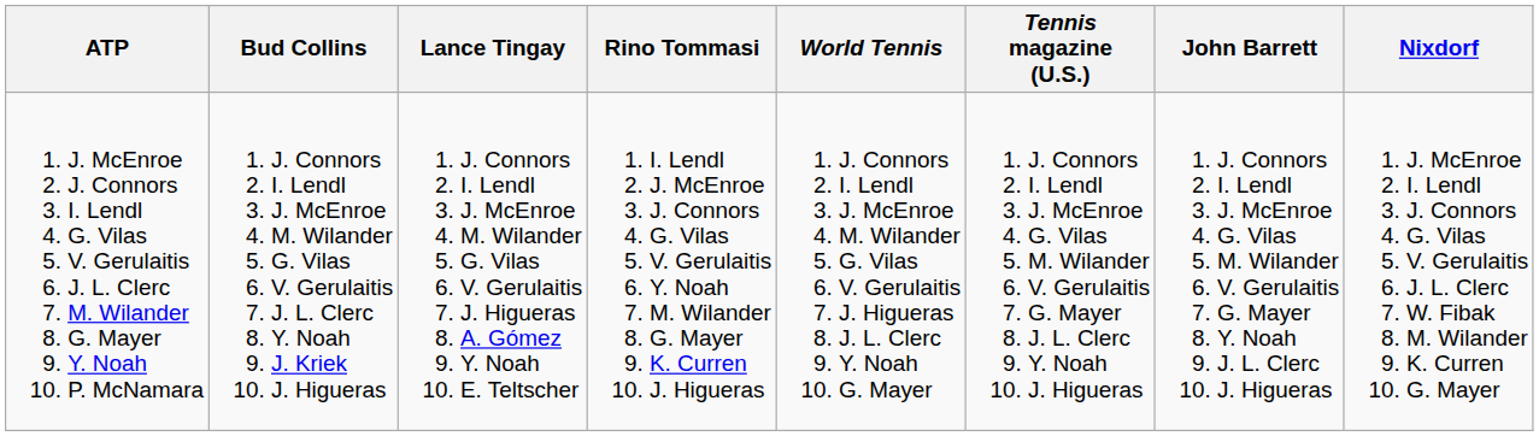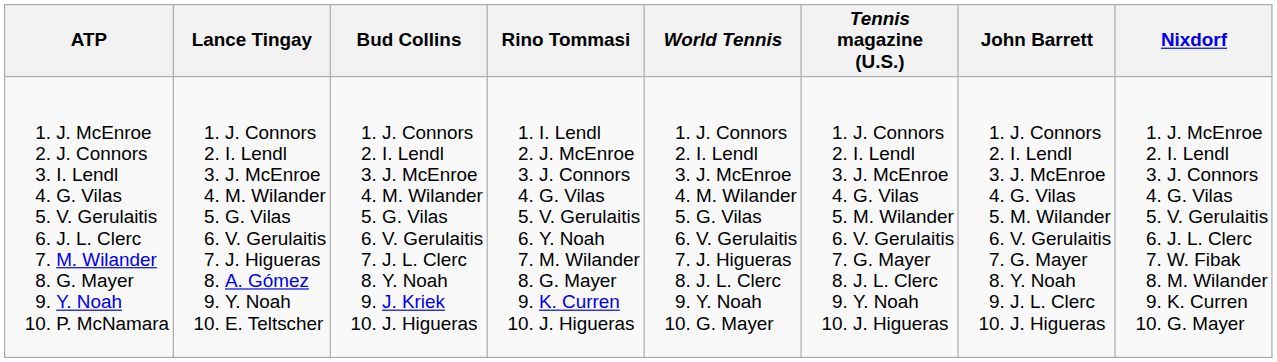 <table class="wikitable">
 <tr>
 <th>ATP</th>
+<th>Lance Tingay</th>
 <th>Bud Collins</th>
-<th>Lance Tingay</th>
 <th>Rino Tommasi</th>
 <th><em>World Tennis</em></th>
 <th><em>Tennis</em> magazine<br>(U.S.)</th>
 <th>John Barrett</th>
 <th><a href='#'>Nixdorf</a></th>
 </tr>
 <tr style="vertical-align: top;">
 <td style="white-space: nowrap;"><br><ol><li> J. McEnroe</li><li> J. Connors</li><li> I. Lendl</li><li> G. Vilas</li><li> V. Gerulaitis</li><li> J. L. Clerc</li><li> <a href='#'>M. Wilander</a></li><li> G. Mayer</li><li> <a href='#'>Y. Noah</a></li><li> P. McNamara</li></ol></td>
+<td style="white-space: nowrap;"><br><ol><li> J. Connors</li><li> I. Lendl</li><li> J. McEnroe</li><li> M. Wilander</li><li> G. Vilas</li><li> V. Gerulaitis</li><li> J. Higueras</li><li> <a href='#'>A. Gómez</a></li><li> Y. Noah</li><li> E. Teltscher</li></ol></td>
 <td style="white-space: nowrap;"><br><ol><li> J. Connors</li><li> I. Lendl</li><li> J. McEnroe</li><li> M. Wilander</li><li> G. Vilas</li><li> V. Gerulaitis</li><li> J. L. Clerc</li><li> Y. Noah</li><li> <a href='#'>J. Kriek</a></li><li> J. Higueras</li></ol></td>
-<td style="white-space: nowrap;"><br><ol><li> J. Connors</li><li> I. Lendl</li><li> J. McEnroe</li><li> M. Wilander</li><li> G. Vilas</li><li> V. Gerulaitis</li><li> J. Higueras</li><li> <a href='#'>A. Gómez</a></li><li> Y. Noah</li><li> E. Teltscher</li></ol></td>
 <td style="white-space: nowrap;"><br><ol><li> I. Lendl</li><li> J. McEnroe</li><li> J. Connors</li><li> G. Vilas</li><li> V. Gerulaitis</li><li> Y. Noah</li><li> M. Wilander</li><li> G. Mayer</li><li> <a href='#'>K. Curren</a></li><li> J. Higueras</li></ol></td>
 <td style="white-space: nowrap;"><br><ol><li> J. Connors</li><li> I. Lendl</li><li> J. McEnroe</li><li> M. Wilander</li><li> G. Vilas</li><li> V. Gerulaitis</li><li> J. Higueras</li><li> J. L. Clerc</li><li> Y. Noah</li><li> G. Mayer</li></ol></td>
 <td style="white-space: nowrap;"><br><ol><li> J. Connors</li><li> I. Lendl</li><li> J. McEnroe</li><li> G. Vilas</li><li> M. Wilander</li><li> V. Gerulaitis</li><li> G. Mayer</li><li> J. L. Clerc</li><li> Y. Noah</li><li> J. Higueras</li></ol></td>
 <td style="white-space: nowrap;"><br><ol><li> J. Connors</li><li> I. Lendl</li><li> J. McEnroe</li><li> G. Vilas</li><li> M. Wilander</li><li> V. Gerulaitis</li><li> G. Mayer</li><li> Y. Noah</li><li> J. L. Clerc</li><li> J. Higueras</li></ol></td>
 <td style="white-space: nowrap;"><br><ol><li> J. McEnroe</li><li> I. Lendl</li><li> J. Connors</li><li> G. Vilas</li><li> V. Gerulaitis</li><li> J. L. Clerc</li><li> W. Fibak</li><li> M. Wilander</li><li> K. Curren</li><li> G. Mayer</li></ol></td>
 </tr>
 </table>
